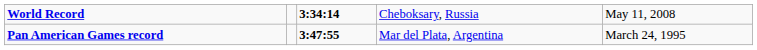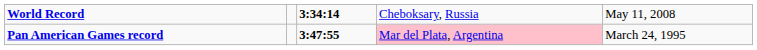 <table class="wikitable" width=75%>
 <tr>
 <td><strong><a href='#'>World Record</a></strong></td>
 <td></td>
 <td><strong>3:34:14</strong></td>
 <td><a href='#'>Cheboksary</a>, <a href='#'>Russia</a></td>
 <td>May 11, 2008</td>
 </tr>
 <tr>
 <td><strong><a href='#'>Pan American Games record</a></strong></td>
 <td></td>
 <td><strong>3:47:55</strong></td>
-<td><a href='#'>Mar del Plata</a>, <a href='#'>Argentina</a></td>
+<td style="background: pink;"><a href='#'>Mar del Plata</a>, <a href='#'>Argentina</a></td>
 <td>March 24, 1995</td>
 </tr>
 </table>
